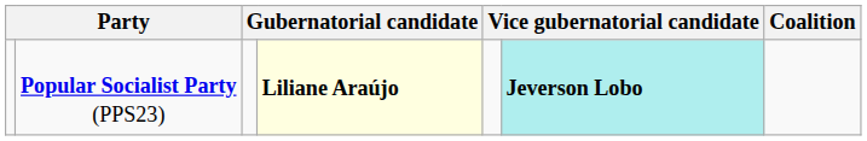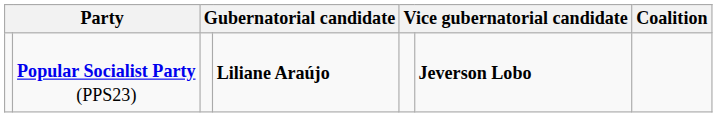 <table class="vertical-align-top wikitable">
 <tr>
 <th scope=colgroup colspan=2>Party</th>
 <th scope=colgroup colspan=2>Gubernatorial candidate</th>
 <th scope=colgroup colspan=2>Vice gubernatorial candidate</th>
 <th scope=col>Coalition</th>
 </tr>
 <tr>
 <td style=background:></td>
 <td style="text-align:center; line-height:1.3"><br><strong><a href='#'>Popular Socialist Party</a></strong><br>(PPS23)</td>
 <td></td>
-<td style="background: lightyellow;"><strong>Liliane Araújo</strong></td>
+<td><strong>Liliane Araújo</strong></td>
 <td></td>
-<td style="background: paleturquoise;"><strong>Jeverson Lobo</strong></td>
+<td><strong>Jeverson Lobo</strong></td>
 <td></td>
 </tr>
 </table>
